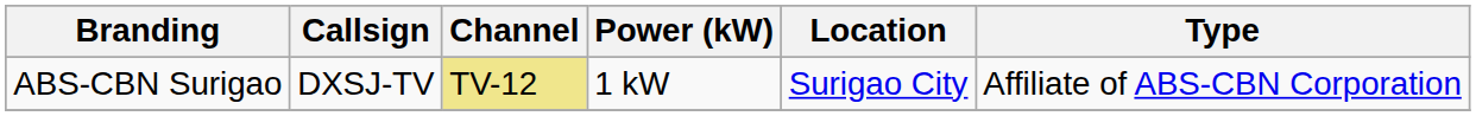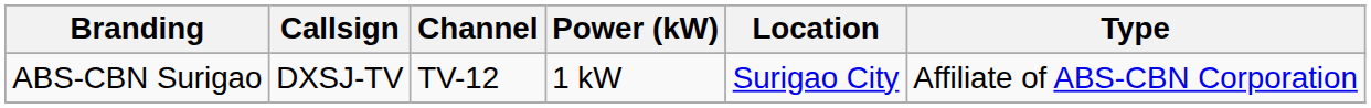 <table class="wikitable">
 <tr>
 <th>Branding</th>
 <th>Callsign</th>
 <th>Channel</th>
 <th>Power (kW)</th>
 <th>Location</th>
 <th>Type</th>
 </tr>
 <tr>
 <td>ABS-CBN Surigao</td>
 <td>DXSJ-TV</td>
-<td style="background: khaki;">TV-12</td>
+<td>TV-12</td>
 <td>1 kW</td>
 <td><a href='#'>Surigao City</a></td>
 <td>Affiliate of <a href='#'>ABS-CBN Corporation</a></td>
 </tr>
 <tr>
 </tr>
 </table>
